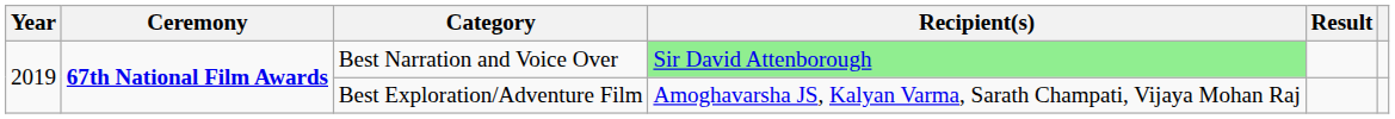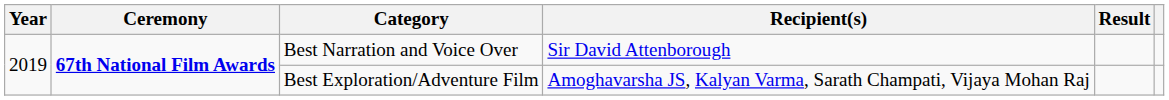 <table class="wikitable">
 <tr>
 <th>Year</th>
 <th>Ceremony</th>
 <th>Category</th>
 <th>Recipient(s)</th>
 <th>Result</th>
 <th></th>
 </tr>
 <tr>
 <td rowspan=2>2019</td>
 <td rowspan=2><strong><a href='#'>67th National Film Awards</a></strong></td>
 <td National Film Award for Best Non-Feature Film Narration / Voice Over>Best Narration and Voice Over</td>
-<td style="background: lightgreen;"><a href='#'>Sir David Attenborough</a></td>
+<td><a href='#'>Sir David Attenborough</a></td>
 <td></td>
 <td></td>
 </tr>
 <tr>
 <td>Best Exploration/Adventure Film</td>
 <td><a href='#'>Amoghavarsha JS</a>, <a href='#'>Kalyan Varma</a>, Sarath Champati, Vijaya Mohan Raj</td>
 <td></td>
 <td></td>
 </tr>
 </table>
